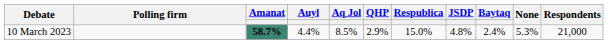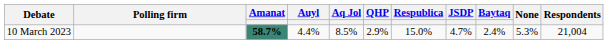 <table class="wikitable" style="text-align: center; font-size:90%; line-height:14px;">
 <tr>
 <th rowspan="2">Debate</th>
 <th rowspan="2" style="width:230px;">Polling firm</th>
 <th style="width:50px;"><a href='#'>Amanat</a></th>
 <th style="width:50px;"><a href='#'>Auyl</a></th>
 <th><a href='#'>Aq Jol</a></th>
 <th><a href='#'>QHP</a></th>
 <th><a href='#'>Respublica</a></th>
 <th><a href='#'>JSDP</a></th>
 <th><a href='#'>Baytaq</a></th>
 <th rowspan="2">None</th>
 <th rowspan="2">Respondents</th>
 </tr>
 <tr>
 <th style="background:"></th>
 <th style="background:"></th>
 <th style="background:"></th>
 <th style="background:"></th>
 <th style="background:"></th>
 <th style="background:"></th>
 <th style="background:"></th>
 </tr>
 <tr>
 <td>10 March 2023</td>
 <td></td>
 <td style="background:#3B8574;"><strong>58.7%</strong></td>
 <td>4.4%</td>
 <td>8.5%</td>
 <td>2.9%</td>
 <td>15.0%</td>
-<td>4.8%</td>
+<td>4.7%</td>
 <td>2.4%</td>
 <td>5.3%</td>
-<td>21,000</td>
+<td>21,004</td>
 </tr>
 </table>
